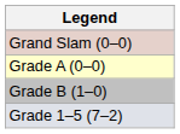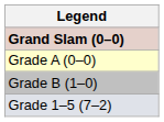 <table class="wikitable" style="font-size:90%">
 <tr>
 <th width=150>Legend</th>
 </tr>
 <tr style="background:#e5d1cb;">
-<td width=150>Grand Slam (0–0)</td>
+<td width=150><strong>Grand Slam (0–0)</strong></td>
 </tr>
 <tr style="background:#ffc;">
 <td width=150>Grade A (0–0)</td>
 </tr>
 <tr style="background:silver;">
 <td width=150>Grade B (1–0)</td>
 </tr>
 <tr style="background:#dfe2e9;">
 <td width=150>Grade 1–5 (7–2)</td>
 </tr>
 </table>
